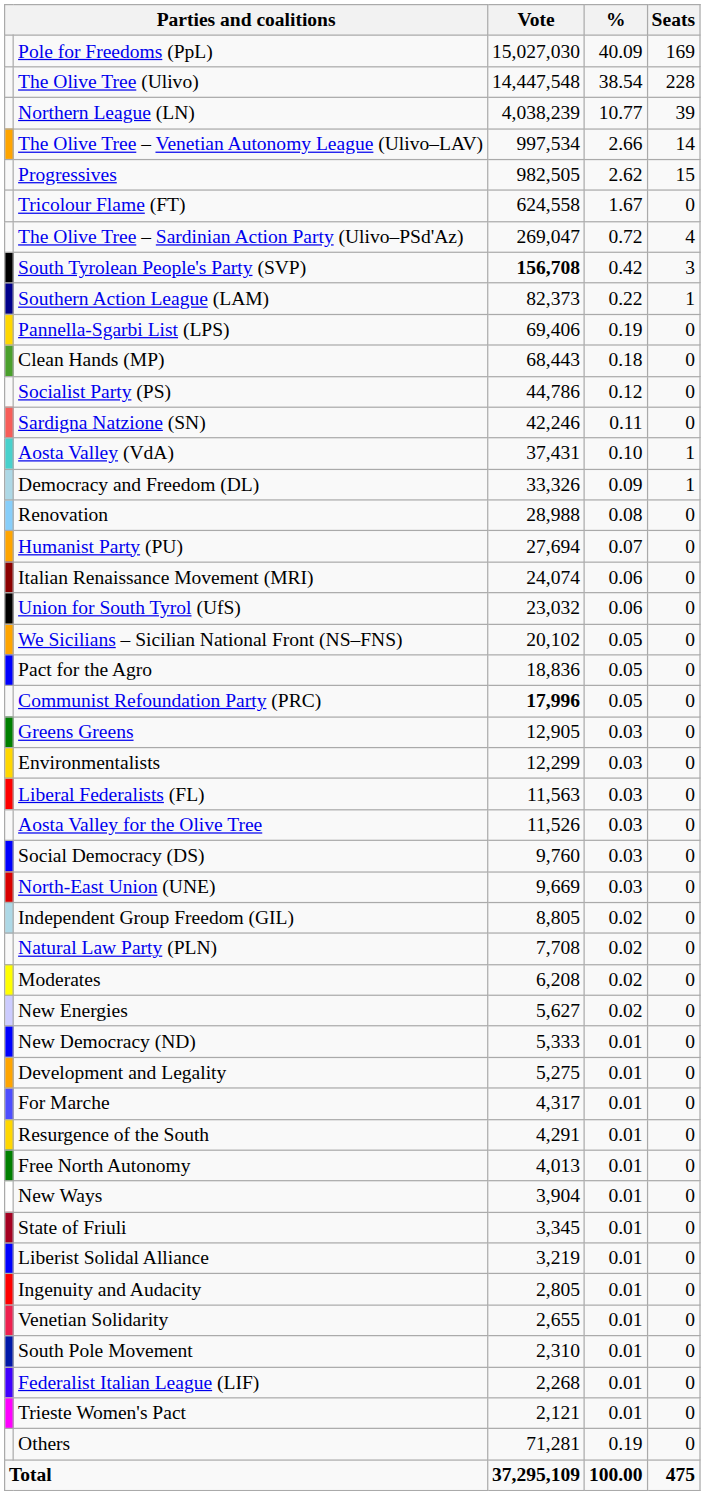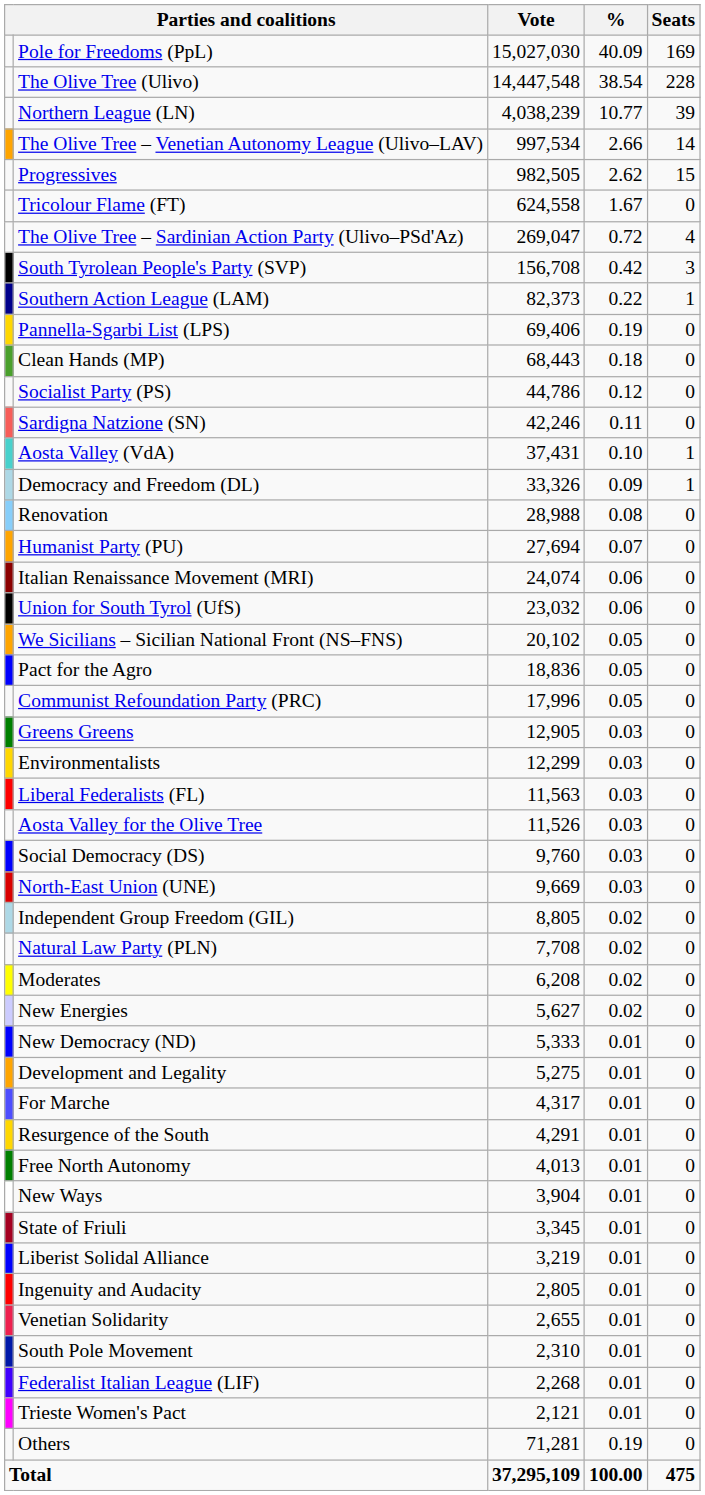 <table class=wikitable style=text-align:right>
 <tr>
 <th colspan=2>Parties and coalitions</th>
 <th>Vote</th>
 <th>%</th>
 <th>Seats</th>
 </tr>
 <tr>
 <td></td>
 <td align="left"><a href='#'>Pole for Freedoms</a> (PpL)</td>
 <td align="right">15,027,030</td>
 <td align="right">40.09</td>
 <td align="right">169</td>
 </tr>
 <tr>
 <td></td>
 <td align="left"><a href='#'>The Olive Tree</a> (Ulivo)</td>
 <td align="right">14,447,548</td>
 <td align="right">38.54</td>
 <td align="right">228</td>
 </tr>
 <tr>
 <td></td>
 <td align="left"><a href='#'>Northern League</a> (LN)</td>
 <td align="right">4,038,239</td>
 <td align="right">10.77</td>
 <td align="right">39</td>
 </tr>
 <tr>
 <td bgcolor="orange"></td>
 <td align="left"><a href='#'>The Olive Tree</a> – <a href='#'>Venetian Autonomy League</a> (Ulivo–LAV)</td>
 <td align="right">997,534</td>
 <td align="right">2.66</td>
 <td align="right">14</td>
 </tr>
 <tr>
 <td></td>
 <td align="left"><a href='#'>Progressives</a></td>
 <td align="right">982,505</td>
 <td align="right">2.62</td>
 <td align="right">15</td>
 </tr>
 <tr>
 <td></td>
 <td align="left"><a href='#'>Tricolour Flame</a> (FT)</td>
 <td align="right">624,558</td>
 <td align="right">1.67</td>
 <td align="right">0</td>
 </tr>
 <tr>
 <td></td>
 <td align="left"><a href='#'>The Olive Tree</a> – <a href='#'>Sardinian Action Party</a> (Ulivo–PSd'Az)</td>
 <td align="right">269,047</td>
 <td align="right">0.72</td>
 <td align="right">4</td>
 </tr>
 <tr>
 <td bgcolor="black"></td>
 <td align="left"><a href='#'>South Tyrolean People's Party</a> (SVP)</td>
-<td align="right"><strong>156,708</strong></td>
+<td align="right">156,708</td>
 <td align="right">0.42</td>
 <td align="right">3</td>
 </tr>
 <tr>
 <td bgcolor="darkblue"></td>
 <td align="left"><a href='#'>Southern Action League</a> (LAM)</td>
 <td align="right">82,373</td>
 <td align="right">0.22</td>
 <td align="right">1</td>
 </tr>
 <tr>
 <td bgcolor="gold"></td>
 <td align="left"><a href='#'>Pannella-Sgarbi List</a> (LPS)</td>
 <td align="right">69,406</td>
 <td align="right">0.19</td>
 <td align="right">0</td>
 </tr>
 <tr>
 <td bgcolor="#4AA02C"></td>
 <td align="left">Clean Hands (MP)</td>
 <td align="right">68,443</td>
 <td align="right">0.18</td>
 <td align="right">0</td>
 </tr>
 <tr>
 <td></td>
 <td align="left"><a href='#'>Socialist Party</a> (PS)</td>
 <td align="right">44,786</td>
 <td align="right">0.12</td>
 <td align="right">0</td>
 </tr>
 <tr>
 <td bgcolor="#F75D59"></td>
 <td align="left"><a href='#'>Sardigna Natzione</a> (SN)</td>
 <td align="right">42,246</td>
 <td align="right">0.11</td>
 <td align="right">0</td>
 </tr>
 <tr>
 <td bgcolor="#48D1CC"></td>
 <td align="left"><a href='#'>Aosta Valley</a> (VdA)</td>
 <td align="right">37,431</td>
 <td align="right">0.10</td>
 <td align="right">1</td>
 </tr>
 <tr>
 <td bgcolor="lightblue"></td>
 <td align="left">Democracy and Freedom (DL)</td>
 <td align="right">33,326</td>
 <td align="right">0.09</td>
 <td align="right">1</td>
 </tr>
 <tr>
 <td bgcolor="lightskyblue"></td>
 <td align="left">Renovation</td>
 <td align="right">28,988</td>
 <td align="right">0.08</td>
 <td align="right">0</td>
 </tr>
 <tr>
 <td bgcolor="orange"></td>
 <td align="left"><a href='#'>Humanist Party</a> (PU)</td>
 <td align="right">27,694</td>
 <td align="right">0.07</td>
 <td align="right">0</td>
 </tr>
 <tr>
 <td bgcolor="darkred"></td>
 <td align="left">Italian Renaissance Movement (MRI)</td>
 <td align="right">24,074</td>
 <td align="right">0.06</td>
 <td align="right">0</td>
 </tr>
 <tr>
 <td bgcolor="black"></td>
 <td align="left"><a href='#'>Union for South Tyrol</a> (UfS)</td>
 <td align="right">23,032</td>
 <td align="right">0.06</td>
 <td align="right">0</td>
 </tr>
 <tr>
 <td bgcolor="orange"></td>
 <td align="left"><a href='#'>We Sicilians</a> – Sicilian National Front (NS–FNS)</td>
 <td align="right">20,102</td>
 <td align="right">0.05</td>
 <td align="right">0</td>
 </tr>
 <tr>
 <td bgcolor="blue"></td>
 <td align="left">Pact for the Agro</td>
 <td align="right">18,836</td>
 <td align="right">0.05</td>
 <td align="right">0</td>
 </tr>
 <tr>
 <td></td>
 <td align="left"><a href='#'>Communist Refoundation Party</a> (PRC)</td>
-<td align="right"><strong>17,996</strong></td>
+<td align="right">17,996</td>
 <td align="right">0.05</td>
 <td align="right">0</td>
 </tr>
 <tr>
 <td bgcolor="green"></td>
 <td align="left"><a href='#'>Greens Greens</a></td>
 <td align="right">12,905</td>
 <td align="right">0.03</td>
 <td align="right">0</td>
 </tr>
 <tr>
 <td bgcolor="gold"></td>
 <td align="left">Environmentalists</td>
 <td align="right">12,299</td>
 <td align="right">0.03</td>
 <td align="right">0</td>
 </tr>
 <tr>
 <td bgcolor="red"></td>
 <td align="left"><a href='#'>Liberal Federalists</a> (FL)</td>
 <td align="right">11,563</td>
 <td align="right">0.03</td>
 <td align="right">0</td>
 </tr>
 <tr>
 <td></td>
 <td align="left"><a href='#'>Aosta Valley for the Olive Tree</a></td>
 <td align="right">11,526</td>
 <td align="right">0.03</td>
 <td align="right">0</td>
 </tr>
 <tr>
 <td bgcolor="blue"></td>
 <td align="left">Social Democracy (DS)</td>
 <td align="right">9,760</td>
 <td align="right">0.03</td>
 <td align="right">0</td>
 </tr>
 <tr>
 <td bgcolor="darknightblue"></td>
 <td align="left"><a href='#'>North-East Union</a> (UNE)</td>
 <td align="right">9,669</td>
 <td align="right">0.03</td>
 <td align="right">0</td>
 </tr>
 <tr>
 <td bgcolor="lightblue"></td>
 <td align="left">Independent Group Freedom (GIL)</td>
 <td align="right">8,805</td>
 <td align="right">0.02</td>
 <td align="right">0</td>
 </tr>
 <tr>
 <td></td>
 <td align="left"><a href='#'>Natural Law Party</a> (PLN)</td>
 <td align="right">7,708</td>
 <td align="right">0.02</td>
 <td align="right">0</td>
 </tr>
 <tr>
 <td bgcolor="yellow"></td>
 <td align="left">Moderates</td>
 <td align="right">6,208</td>
 <td align="right">0.02</td>
 <td align="right">0</td>
 </tr>
 <tr>
 <td bgcolor="#CCCCFF"></td>
 <td align="left">New Energies</td>
 <td align="right">5,627</td>
 <td align="right">0.02</td>
 <td align="right">0</td>
 </tr>
 <tr>
 <td bgcolor="blue"></td>
 <td align="left">New Democracy (ND)</td>
 <td align="right">5,333</td>
 <td align="right">0.01</td>
 <td align="right">0</td>
 </tr>
 <tr>
 <td bgcolor="orange"></td>
 <td align="left">Development and Legality</td>
 <td align="right">5,275</td>
 <td align="right">0.01</td>
 <td align="right">0</td>
 </tr>
 <tr>
 <td bgcolor="#4D4DFF"></td>
 <td align="left">For Marche</td>
 <td align="right">4,317</td>
 <td align="right">0.01</td>
 <td align="right">0</td>
 </tr>
 <tr>
 <td bgcolor="gold"></td>
 <td align="left">Resurgence of the South</td>
 <td align="right">4,291</td>
 <td align="right">0.01</td>
 <td align="right">0</td>
 </tr>
 <tr>
 <td bgcolor="green"></td>
 <td align="left">Free North Autonomy</td>
 <td align="right">4,013</td>
 <td align="right">0.01</td>
 <td align="right">0</td>
 </tr>
 <tr>
 <td bgcolor="white"></td>
 <td align="left">New Ways</td>
 <td align="right">3,904</td>
 <td align="right">0.01</td>
 <td align="right">0</td>
 </tr>
 <tr>
 <td bgcolor="#A50021"></td>
 <td align="left">State of Friuli</td>
 <td align="right">3,345</td>
 <td align="right">0.01</td>
 <td align="right">0</td>
 </tr>
 <tr>
 <td bgcolor="blue"></td>
 <td align="left">Liberist Solidal Alliance</td>
 <td align="right">3,219</td>
 <td align="right">0.01</td>
 <td align="right">0</td>
 </tr>
 <tr>
 <td bgcolor="red"></td>
 <td align="left">Ingenuity and Audacity</td>
 <td align="right">2,805</td>
 <td align="right">0.01</td>
 <td align="right">0</td>
 </tr>
 <tr>
 <td bgcolor="#EE204E"></td>
 <td align="left">Venetian Solidarity</td>
 <td align="right">2,655</td>
 <td align="right">0.01</td>
 <td align="right">0</td>
 </tr>
 <tr>
 <td bgcolor="#0018A8"></td>
 <td align="left">South Pole Movement</td>
 <td align="right">2,310</td>
 <td align="right">0.01</td>
 <td align="right">0</td>
 </tr>
 <tr>
 <td bgcolor="#4000FF"></td>
 <td align="left"><a href='#'>Federalist Italian League</a> (LIF)</td>
 <td align="right">2,268</td>
 <td align="right">0.01</td>
 <td align="right">0</td>
 </tr>
 <tr>
 <td bgcolor="magenta"></td>
 <td align="left">Trieste Women's Pact</td>
 <td align="right">2,121</td>
 <td align="right">0.01</td>
 <td align="right">0</td>
 </tr>
 <tr>
 <td></td>
 <td align="left">Others</td>
 <td align="right">71,281</td>
 <td align="right">0.19</td>
 <td align="right">0</td>
 </tr>
 <tr>
 <td align="left" colspan=2><strong>Total</strong></td>
 <td align="right"><strong>37,295,109</strong></td>
 <td align="right"><strong>100.00</strong></td>
 <td align="right"><strong>475</strong></td>
 </tr>
 </table>
